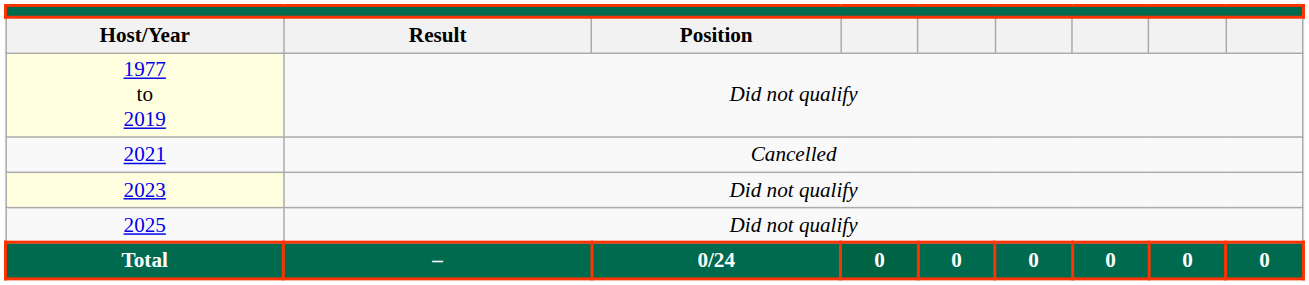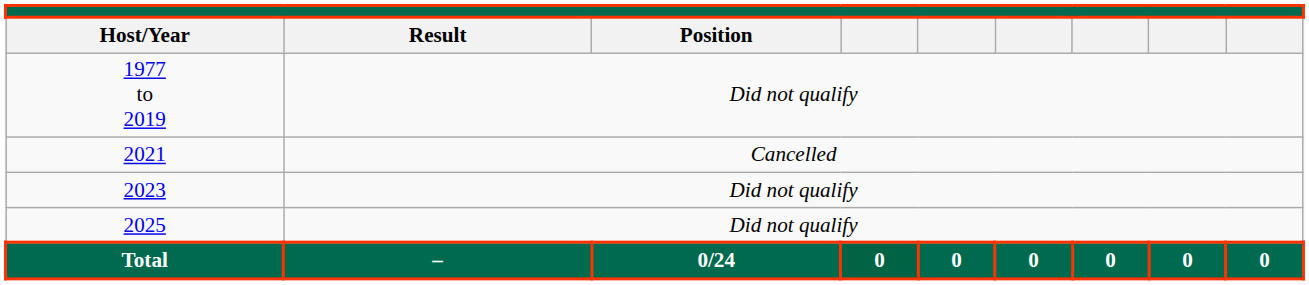 <table class="wikitable" style="text-align: center;font-size:90%; width:70%;">
 <tr>
 <th colspan=10 style="background: #006a4e;border: 2px solid #ff3300;color: #FFFFFF;"><a href='#'></a></th>
 </tr>
 <tr>
 <th width="90">Host/Year</th>
 <th width="100">Result</th>
 <th width="80">Position</th>
 <th width="20"></th>
 <th width="20"></th>
 <th width="20"></th>
 <th width="20"></th>
 <th width="20"></th>
 <th width="20"></th>
 </tr>
 <tr>
-<td style="background: lightyellow;"> <a href='#'>1977</a><br>to<br>  <a href='#'>2019</a></td>
+<td> <a href='#'>1977</a><br>to<br>  <a href='#'>2019</a></td>
 <td colspan=8><em>Did not qualify</em></td>
 </tr>
 <tr>
 <td> <a href='#'>2021</a></td>
 <td colspan=8><em>Cancelled</em></td>
 </tr>
 <tr>
-<td style="background: lightyellow;"> <a href='#'>2023</a></td>
+<td> <a href='#'>2023</a></td>
 <td colspan=8><em>Did not qualify</em></td>
 </tr>
 <tr>
 <td> <a href='#'>2025</a></td>
 <td colspan=8><em>Did not qualify</em></td>
 </tr>
 <tr>
 </tr>
 <tr>
 <td style="background: #006a4e;border: 2px solid #ff3300;color:white; "><strong>Total</strong></td>
 <td style="background: #006a4e;border: 2px solid #ff3300;color:white; "><strong>–</strong></td>
 <td style="background: #006a4e;border: 2px solid #ff3300;color:white; "><strong>0/24</strong></td>
 <td style="background: #006444;border: 2px solid #ff3300;color:white; "><strong>0</strong></td>
 <td style="background: #006a4e;border: 2px solid #ff3300;color:white; "><strong>0</strong></td>
 <td style="background: #006a4e;border: 2px solid #ff3300;color:white; "><strong>0</strong></td>
 <td style="background: #006a4e;border: 2px solid #ff3300;color:white; "><strong>0</strong></td>
 <td style="background: #006a4e;border: 2px solid #ff3300;color:white; "><strong>0</strong></td>
 <td style="background: #006a4e;border: 2px solid #ff3300;color:white; "><strong>0</strong></td>
 </tr>
 </table>
